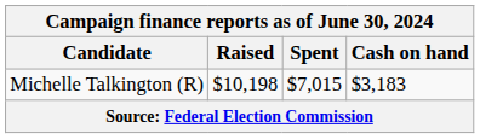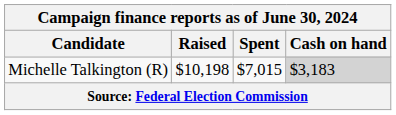 <table class="wikitable sortable">
 <tr>
 <th colspan=4>Campaign finance reports as of June 30, 2024</th>
 </tr>
 <tr style="text-align:center;">
 <th>Candidate</th>
 <th>Raised</th>
 <th>Spent</th>
 <th>Cash on hand</th>
 </tr>
 <tr>
 <td>Michelle Talkington (R)</td>
 <td>$10,198</td>
 <td>$7,015</td>
-<td>$3,183</td>
+<td style="background: lightgrey;">$3,183</td>
 </tr>
 <tr>
 <th colspan="4"><small>Source: <a href='#'>Federal Election Commission</a></small></th>
 </tr>
 </table>
